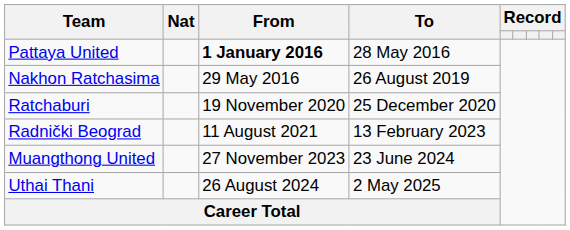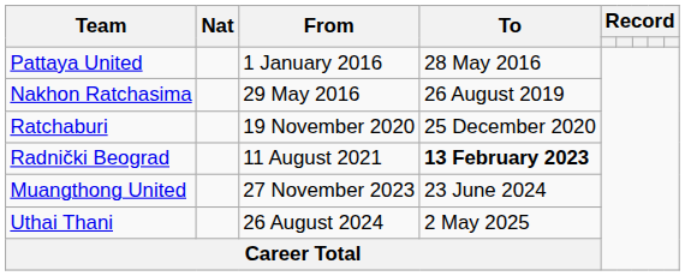 <table class=wikitable style="text-align: center">
 <tr>
 <th rowspan=2>Team</th>
 <th rowspan=2>Nat</th>
 <th rowspan=2>From</th>
 <th rowspan=2>To</th>
 <th colspan=5>Record</th>
 </tr>
 <tr>
 <th></th>
 <th></th>
 <th></th>
 <th></th>
 <th></th>
 </tr>
 <tr>
 <td align=left><a href='#'>Pattaya United</a></td>
 <td></td>
-<td align=left><strong>1 January 2016</strong></td>
+<td align=left>1 January 2016</td>
 <td align=left>28 May 2016<br></td>
 </tr>
 <tr>
 <td align=left><a href='#'>Nakhon Ratchasima</a></td>
 <td></td>
 <td align=left>29 May 2016</td>
 <td align=left>26 August 2019<br></td>
 </tr>
 <tr>
 <td align=left><a href='#'>Ratchaburi</a></td>
 <td></td>
 <td align=left>19 November 2020</td>
 <td align=left>25 December 2020<br></td>
 </tr>
 <tr>
 <td align=left><a href='#'>Radnički Beograd</a></td>
 <td></td>
 <td align=left>11 August 2021</td>
-<td align=left>13 February 2023<br></td>
+<td align=left><strong>13 February 2023<br></strong></td>
 </tr>
 <tr>
 <td align=left><a href='#'>Muangthong United</a></td>
 <td></td>
 <td align=left>27 November 2023</td>
 <td align=left>23 June 2024<br></td>
 </tr>
 <tr>
 <td align=left><a href='#'>Uthai Thani</a></td>
 <td></td>
 <td align=left>26 August 2024</td>
 <td align=left>2 May 2025<br></td>
 </tr>
 <tr>
 <th colspan=4>Career Total<br></th>
 </tr>
 </table>
